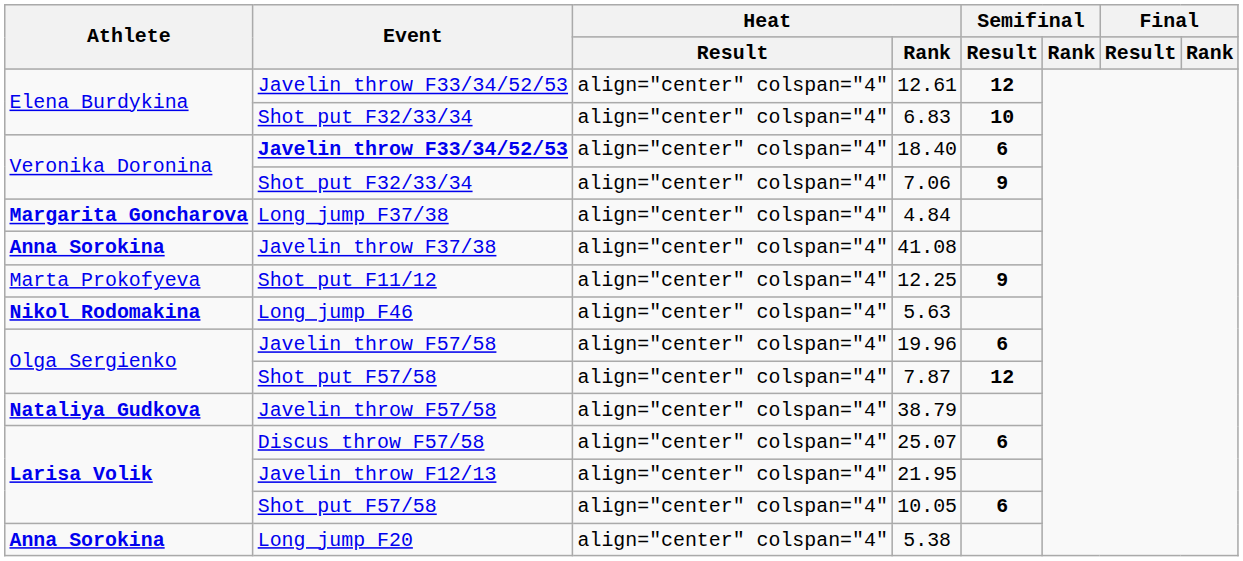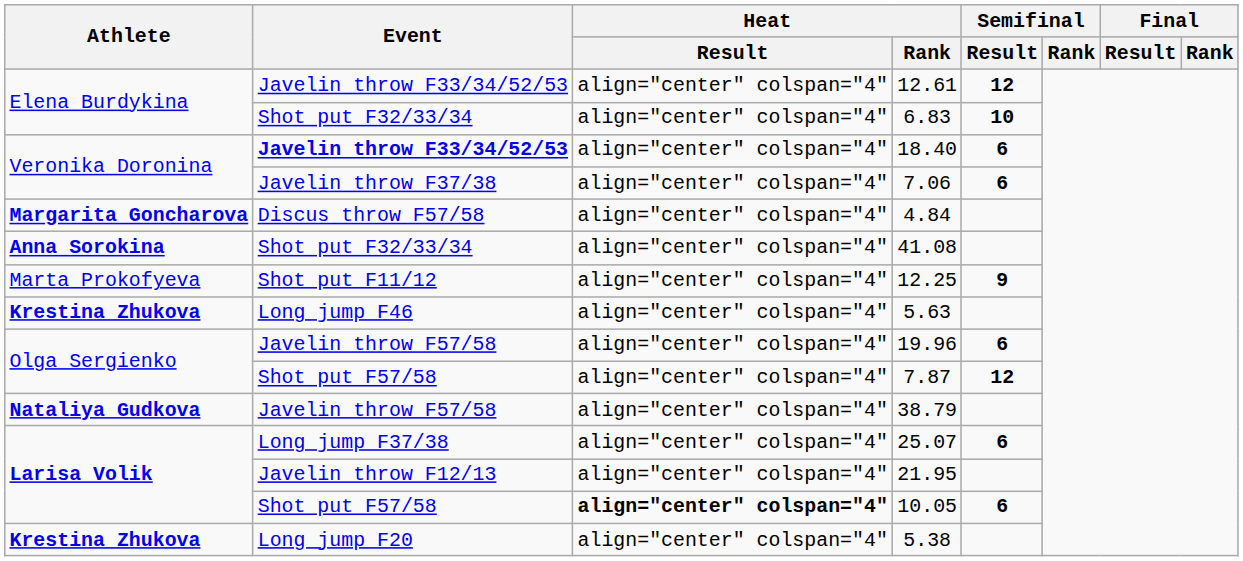 <table class="wikitable">
 <tr>
 <th rowspan="2">Athlete</th>
 <th rowspan="2">Event</th>
 <th colspan="2">Heat</th>
 <th colspan="2">Semifinal</th>
 <th colspan="2">Final</th>
 </tr>
 <tr>
 <th>Result</th>
 <th>Rank</th>
 <th>Result</th>
 <th>Rank</th>
 <th>Result</th>
 <th>Rank</th>
 </tr>
 <tr>
 <td rowspan=2><a href='#'>Elena Burdykina</a></td>
 <td><a href='#'>Javelin throw F33/34/52/53</a></td>
 <td>align="center" colspan="4" </td>
 <td align="center">12.61</td>
 <td align="center"><strong>12</strong></td>
 </tr>
 <tr>
 <td><a href='#'>Shot put F32/33/34</a></td>
 <td>align="center" colspan="4" </td>
 <td align="center">6.83</td>
 <td align="center"><strong>10</strong></td>
 </tr>
 <tr>
 <td rowspan=2><a href='#'>Veronika Doronina</a></td>
 <td><strong><a href='#'>Javelin throw F33/34/52/53</a></strong></td>
 <td>align="center" colspan="4" </td>
 <td align="center">18.40</td>
 <td align="center"><strong>6</strong></td>
 </tr>
 <tr>
-<td><a href='#'>Shot put F32/33/34</a></td>
+<td><a href='#'>Javelin throw F37/38</a></td>
 <td>align="center" colspan="4" </td>
 <td align="center">7.06</td>
-<td align="center"><strong>9</strong></td>
+<td align="center"><strong>6</strong></td>
 </tr>
 <tr>
 <td><strong><a href='#'>Margarita Goncharova</a></strong></td>
-<td><a href='#'>Long jump F37/38</a></td>
+<td><a href='#'>Discus throw F57/58</a></td>
 <td>align="center" colspan="4" </td>
 <td align="center">4.84</td>
 <td align="center"></td>
 </tr>
 <tr>
 <td><strong><a href='#'>Anna Sorokina</a></strong></td>
-<td><a href='#'>Javelin throw F37/38</a></td>
+<td><a href='#'>Shot put F32/33/34</a></td>
 <td>align="center" colspan="4" </td>
 <td align="center">41.08 <strong></strong></td>
 <td align="center"></td>
 </tr>
 <tr>
 <td><a href='#'>Marta Prokofyeva</a></td>
 <td><a href='#'>Shot put F11/12</a></td>
 <td>align="center" colspan="4" </td>
 <td align="center">12.25</td>
 <td align="center"><strong>9</strong></td>
 </tr>
 <tr>
-<td><strong><a href='#'>Nikol Rodomakina</a></strong></td>
+<td><strong><a href='#'>Krestina Zhukova</a></strong></td>
 <td><a href='#'>Long jump F46</a></td>
 <td>align="center" colspan="4" </td>
 <td align="center">5.63</td>
 <td align="center"></td>
 </tr>
 <tr>
 <td rowspan=2><a href='#'>Olga Sergienko</a></td>
 <td><a href='#'>Javelin throw F57/58</a></td>
 <td>align="center" colspan="4" </td>
 <td align="center">19.96</td>
 <td align="center"><strong>6</strong></td>
 </tr>
 <tr>
 <td><a href='#'>Shot put F57/58</a></td>
 <td>align="center" colspan="4" </td>
 <td align="center">7.87</td>
 <td align="center"><strong>12</strong></td>
 </tr>
 <tr>
 <td><strong><a href='#'>Nataliya Gudkova</a></strong></td>
 <td><a href='#'>Javelin throw F57/58</a></td>
 <td>align="center" colspan="4" </td>
 <td align="center">38.79 <strong></strong></td>
 <td align="center"></td>
 </tr>
 <tr>
 <td rowspan=3><strong><a href='#'>Larisa Volik</a></strong></td>
-<td><a href='#'>Discus throw F57/58</a></td>
+<td><a href='#'>Long jump F37/38</a></td>
 <td>align="center" colspan="4" </td>
 <td align="center">25.07</td>
 <td align="center"><strong>6</strong></td>
 </tr>
 <tr>
 <td><a href='#'>Javelin throw F12/13</a></td>
 <td>align="center" colspan="4" </td>
 <td align="center">21.95 <strong></strong></td>
 <td align="center"></td>
 </tr>
 <tr>
 <td><a href='#'>Shot put F57/58</a></td>
-<td>align="center" colspan="4" </td>
+<td><strong>align="center" colspan="4" </strong></td>
 <td align="center">10.05 <strong></strong></td>
 <td align="center"><strong>6</strong></td>
 </tr>
 <tr>
-<td><strong><a href='#'>Anna Sorokina</a></strong></td>
+<td><strong><a href='#'>Krestina Zhukova</a></strong></td>
 <td><a href='#'>Long jump F20</a></td>
 <td>align="center" colspan="4" </td>
 <td align="center">5.38</td>
 <td align="center"></td>
 </tr>
 </table>
